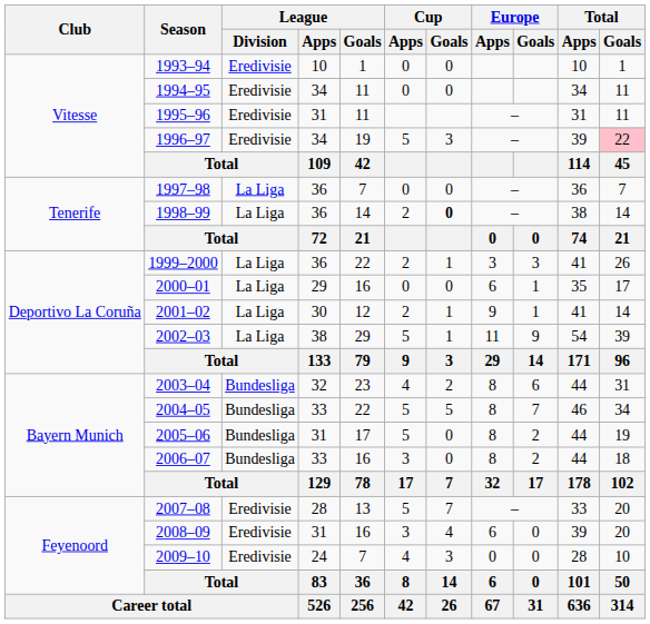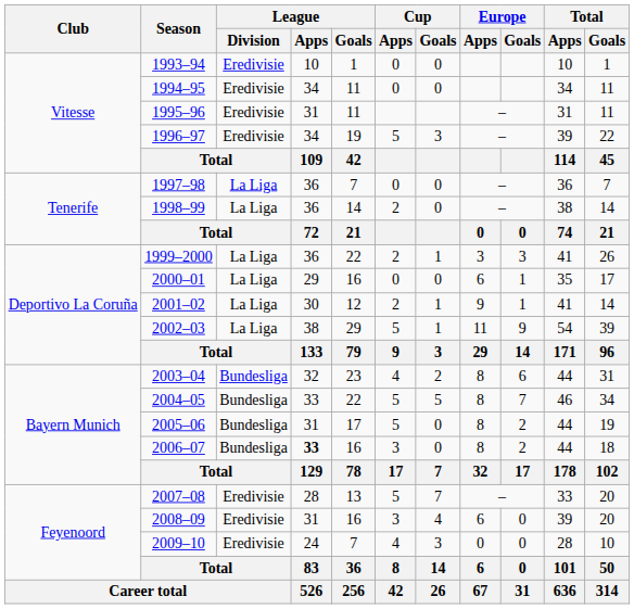 <table class="wikitable" style="text-align:center">
 <tr>
 <th rowspan="2">Club</th>
 <th rowspan="2">Season</th>
 <th colspan="3">League</th>
 <th colspan="2">Cup</th>
 <th colspan="2"><a href='#'>Europe</a></th>
 <th colspan="2">Total</th>
 </tr>
 <tr>
 <th>Division</th>
 <th>Apps</th>
 <th>Goals</th>
 <th>Apps</th>
 <th>Goals</th>
 <th>Apps</th>
 <th>Goals</th>
 <th>Apps</th>
 <th>Goals</th>
 </tr>
 <tr>
 <td rowspan="5"><a href='#'>Vitesse</a></td>
 <td><a href='#'>1993–94</a></td>
 <td><a href='#'>Eredivisie</a></td>
 <td>10</td>
 <td>1</td>
 <td>0</td>
 <td>0</td>
 <td></td>
 <td></td>
 <td>10</td>
 <td>1</td>
 </tr>
 <tr>
 <td><a href='#'>1994–95</a></td>
 <td>Eredivisie</td>
 <td>34</td>
 <td>11</td>
 <td>0</td>
 <td>0</td>
 <td></td>
 <td></td>
 <td>34</td>
 <td>11</td>
 </tr>
 <tr>
 <td><a href='#'>1995–96</a></td>
 <td>Eredivisie</td>
 <td>31</td>
 <td>11</td>
 <td></td>
 <td></td>
 <td colspan="2">–</td>
 <td>31</td>
 <td>11</td>
 </tr>
 <tr>
 <td><a href='#'>1996–97</a></td>
 <td>Eredivisie</td>
 <td>34</td>
 <td>19</td>
 <td>5</td>
 <td>3</td>
 <td colspan="2">–</td>
 <td>39</td>
-<td style="background: pink;">22</td>
+<td>22</td>
 </tr>
 <tr>
 <th colspan="2">Total</th>
 <th>109</th>
 <th>42</th>
 <th></th>
 <th></th>
 <th></th>
 <th></th>
 <th>114</th>
 <th>45</th>
 </tr>
 <tr>
 <td rowspan="3"><a href='#'>Tenerife</a></td>
 <td><a href='#'>1997–98</a></td>
 <td><a href='#'>La Liga</a></td>
 <td>36</td>
 <td>7</td>
 <td>0</td>
 <td>0</td>
 <td colspan="2">–</td>
 <td>36</td>
 <td>7</td>
 </tr>
 <tr>
 <td><a href='#'>1998–99</a></td>
 <td>La Liga</td>
 <td>36</td>
 <td>14</td>
 <td>2</td>
-<td><strong>0</strong></td>
+<td>0</td>
 <td colspan="2">–</td>
 <td>38</td>
 <td>14</td>
 </tr>
 <tr>
 <th colspan="2">Total</th>
 <th>72</th>
 <th>21</th>
 <th></th>
 <th></th>
 <th>0</th>
 <th>0</th>
 <th>74</th>
 <th>21</th>
 </tr>
 <tr>
 <td rowspan="5"><a href='#'>Deportivo La Coruña</a></td>
 <td><a href='#'>1999–2000</a></td>
 <td>La Liga</td>
 <td>36</td>
 <td>22</td>
 <td>2</td>
 <td>1</td>
 <td>3</td>
 <td>3</td>
 <td>41</td>
 <td>26</td>
 </tr>
 <tr>
 <td><a href='#'>2000–01</a></td>
 <td>La Liga</td>
 <td>29</td>
 <td>16</td>
 <td>0</td>
 <td>0</td>
 <td>6</td>
 <td>1</td>
 <td>35</td>
 <td>17</td>
 </tr>
 <tr>
 <td><a href='#'>2001–02</a></td>
 <td>La Liga</td>
 <td>30</td>
 <td>12</td>
 <td>2</td>
 <td>1</td>
 <td>9</td>
 <td>1</td>
 <td>41</td>
 <td>14</td>
 </tr>
 <tr>
 <td><a href='#'>2002–03</a></td>
 <td>La Liga</td>
 <td>38</td>
 <td>29</td>
 <td>5</td>
 <td>1</td>
 <td>11</td>
 <td>9</td>
 <td>54</td>
 <td>39</td>
 </tr>
 <tr>
 <th colspan="2">Total</th>
 <th>133</th>
 <th>79</th>
 <th>9</th>
 <th>3</th>
 <th>29</th>
 <th>14</th>
 <th>171</th>
 <th>96</th>
 </tr>
 <tr>
 <td rowspan="5"><a href='#'>Bayern Munich</a></td>
 <td><a href='#'>2003–04</a></td>
 <td><a href='#'>Bundesliga</a></td>
 <td>32</td>
 <td>23</td>
 <td>4</td>
 <td>2</td>
 <td>8</td>
 <td>6</td>
 <td>44</td>
 <td>31</td>
 </tr>
 <tr>
 <td><a href='#'>2004–05</a></td>
 <td>Bundesliga</td>
 <td>33</td>
 <td>22</td>
 <td>5</td>
 <td>5</td>
 <td>8</td>
 <td>7</td>
 <td>46</td>
 <td>34</td>
 </tr>
 <tr>
 <td><a href='#'>2005–06</a></td>
 <td>Bundesliga</td>
 <td>31</td>
 <td>17</td>
 <td>5</td>
 <td>0</td>
 <td>8</td>
 <td>2</td>
 <td>44</td>
 <td>19</td>
 </tr>
 <tr>
 <td><a href='#'>2006–07</a></td>
 <td>Bundesliga</td>
-<td>33</td>
+<td><strong>33</strong></td>
 <td>16</td>
 <td>3</td>
 <td>0</td>
 <td>8</td>
 <td>2</td>
 <td>44</td>
 <td>18</td>
 </tr>
 <tr>
 <th colspan="2">Total</th>
 <th>129</th>
 <th>78</th>
 <th>17</th>
 <th>7</th>
 <th>32</th>
 <th>17</th>
 <th>178</th>
 <th>102</th>
 </tr>
 <tr>
 <td rowspan="4"><a href='#'>Feyenoord</a></td>
 <td><a href='#'>2007–08</a></td>
 <td>Eredivisie</td>
 <td>28</td>
 <td>13</td>
 <td>5</td>
 <td>7</td>
 <td colspan="2">–</td>
 <td>33</td>
 <td>20</td>
 </tr>
 <tr>
 <td><a href='#'>2008–09</a></td>
 <td>Eredivisie</td>
 <td>31</td>
 <td>16</td>
 <td>3</td>
 <td>4</td>
 <td>6</td>
 <td>0</td>
 <td>39</td>
 <td>20</td>
 </tr>
 <tr>
 <td><a href='#'>2009–10</a></td>
 <td>Eredivisie</td>
 <td>24</td>
 <td>7</td>
 <td>4</td>
 <td>3</td>
 <td>0</td>
 <td>0</td>
 <td>28</td>
 <td>10</td>
 </tr>
 <tr>
 <th colspan="2">Total</th>
 <th>83</th>
 <th>36</th>
 <th>8</th>
 <th>14</th>
 <th>6</th>
 <th>0</th>
 <th>101</th>
 <th>50</th>
 </tr>
 <tr>
 <th colspan="3">Career total</th>
 <th>526</th>
 <th>256</th>
 <th>42</th>
 <th>26</th>
 <th>67</th>
 <th>31</th>
 <th>636</th>
 <th>314</th>
 </tr>
 </table>
